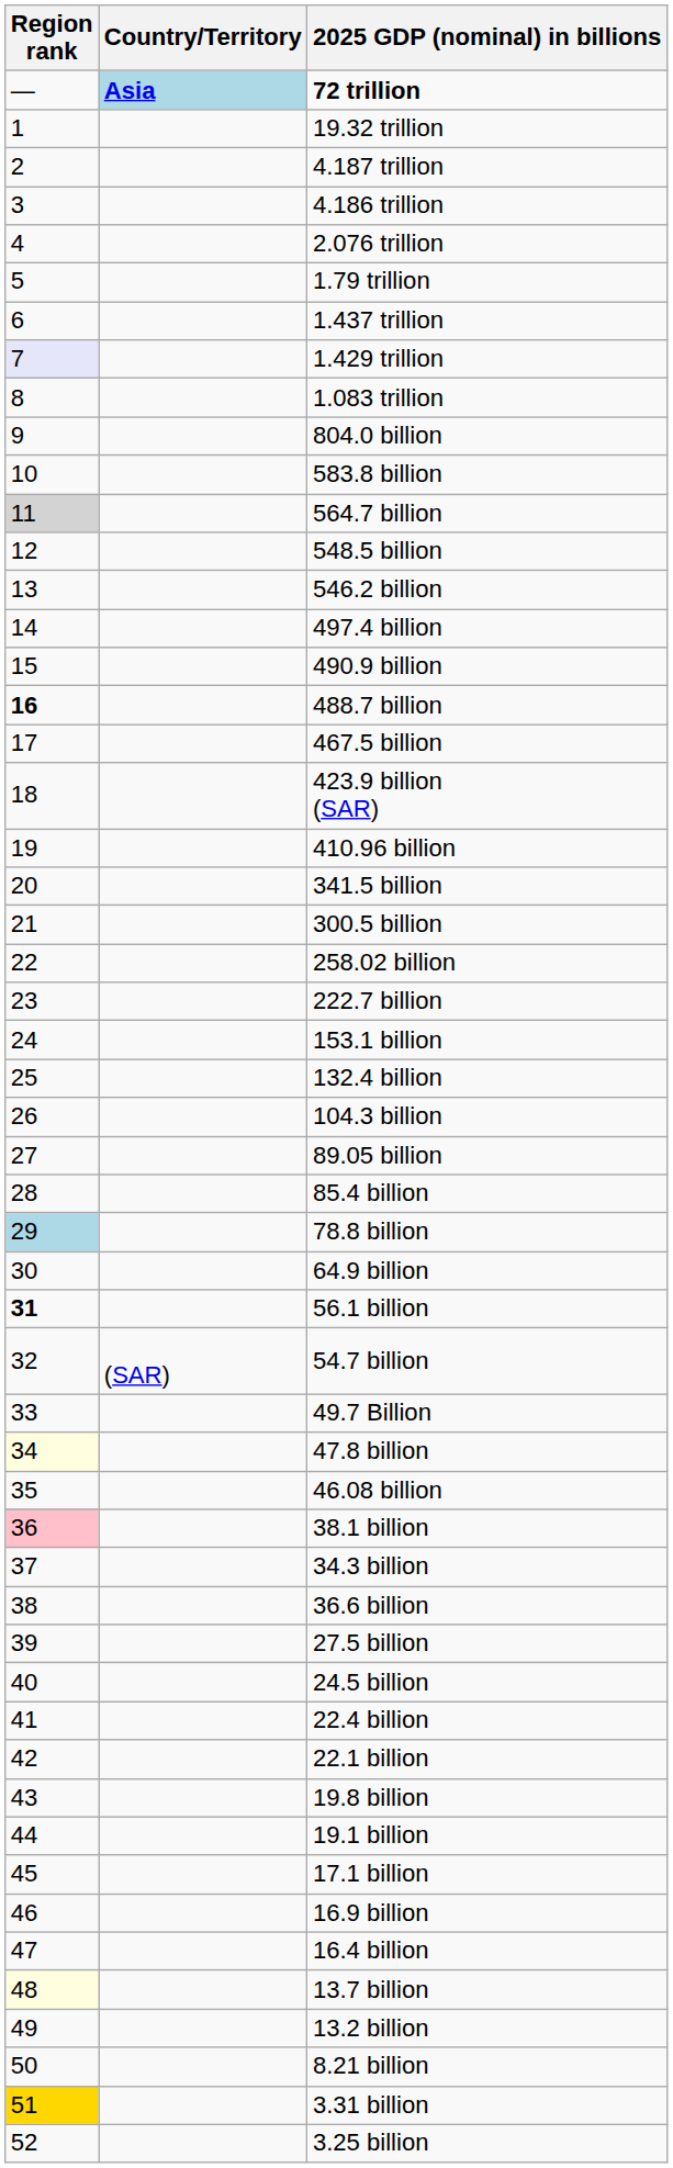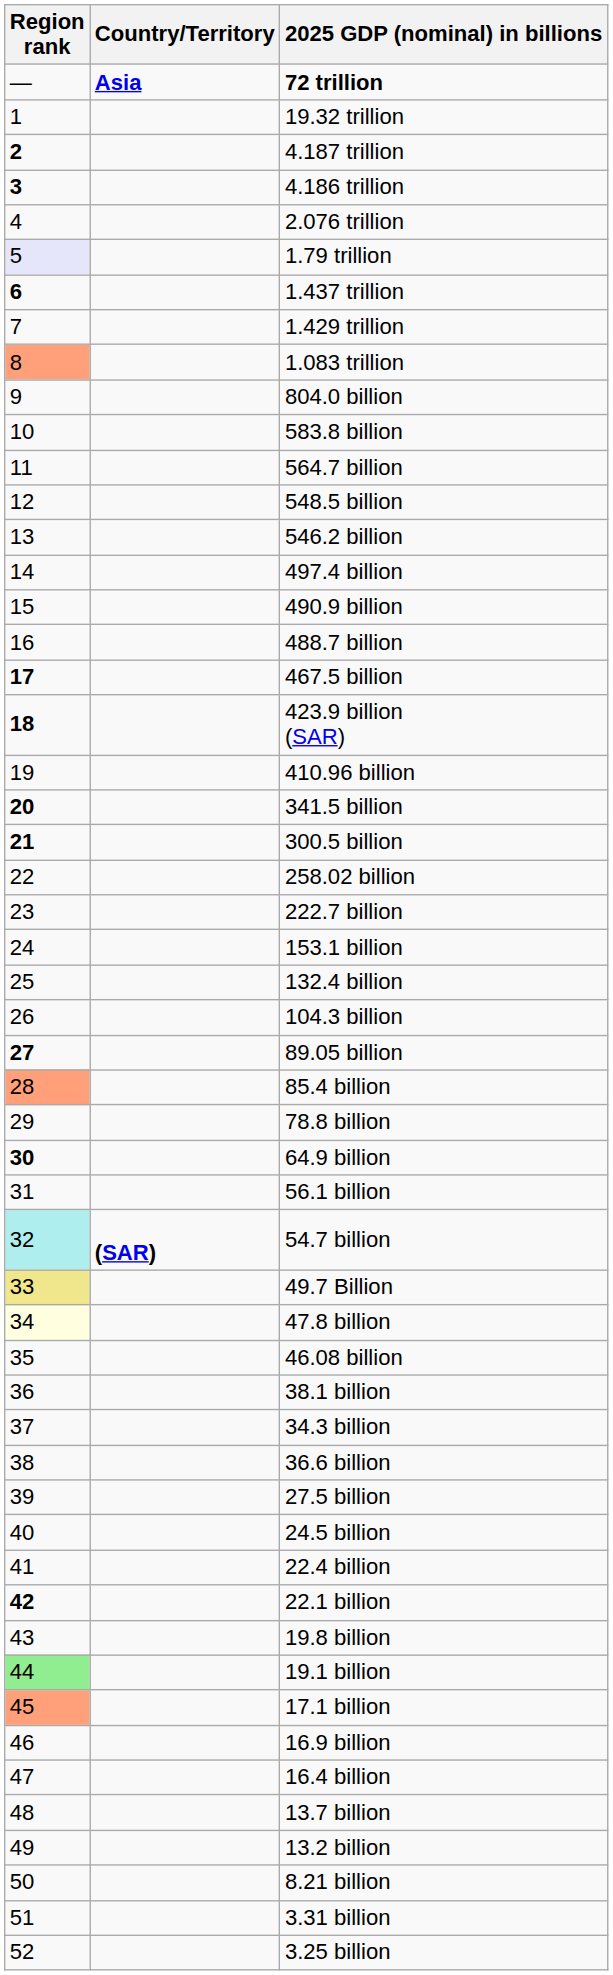 <table class="wikitable">
 <tr>
 <th>Region<br>rank</th>
 <th>Country/Territory</th>
 <th>2025 GDP (nominal) in billions</th>
 </tr>
 <tr>
 <td>—</td>
-<td style="background: lightblue;"><strong><a href='#'>Asia</a></strong></td>
+<td><strong><a href='#'>Asia</a></strong></td>
 <td><strong>72 trillion</strong></td>
 </tr>
 <tr>
 <td>1</td>
 <td></td>
 <td>19.32  trillion</td>
 </tr>
 <tr>
-<td>2</td>
+<td><strong>2</strong></td>
 <td></td>
 <td>4.187 trillion</td>
 </tr>
 <tr>
-<td>3</td>
+<td><strong>3</strong></td>
 <td></td>
 <td>4.186  trillion</td>
 </tr>
 <tr>
 <td>4</td>
 <td></td>
 <td>2.076 trillion</td>
 </tr>
 <tr>
-<td>5</td>
+<td style="background: lavender;">5</td>
 <td></td>
 <td>1.79 trillion</td>
 </tr>
 <tr>
-<td>6</td>
+<td><strong>6</strong></td>
 <td></td>
 <td>1.437  trillion</td>
 </tr>
 <tr>
-<td style="background: lavender;">7</td>
+<td>7</td>
 <td></td>
 <td>1.429 trillion</td>
 </tr>
 <tr>
-<td>8</td>
+<td style="background: lightsalmon;">8</td>
 <td></td>
 <td>1.083  trillion</td>
 </tr>
 <tr>
 <td>9</td>
 <td></td>
 <td>804.0 billion</td>
 </tr>
 <tr>
 <td>10</td>
 <td></td>
 <td>583.8 billion</td>
 </tr>
 <tr>
-<td style="background: lightgrey;">11</td>
+<td>11</td>
 <td></td>
 <td>564.7 billion</td>
 </tr>
 <tr>
 <td>12</td>
 <td></td>
 <td>548.5 billion</td>
 </tr>
 <tr>
 <td>13</td>
 <td></td>
 <td>546.2 billion</td>
 </tr>
 <tr>
 <td>14</td>
 <td></td>
 <td>497.4 billion</td>
 </tr>
 <tr>
 <td>15</td>
 <td></td>
 <td>490.9 billion</td>
 </tr>
 <tr>
-<td><strong>16</strong></td>
+<td>16</td>
 <td></td>
 <td>488.7 billion</td>
 </tr>
 <tr>
-<td>17</td>
+<td><strong>17</strong></td>
 <td></td>
 <td>467.5 billion</td>
 </tr>
 <tr>
-<td>18</td>
+<td><strong>18</strong></td>
 <td></td>
 <td>423.9 billion<br>(<a href='#'>SAR</a>)</td>
 </tr>
 <tr>
 <td>19</td>
 <td></td>
 <td>410.96 billion</td>
 </tr>
 <tr>
-<td>20</td>
+<td><strong>20</strong></td>
 <td></td>
 <td>341.5 billion</td>
 </tr>
 <tr>
-<td>21</td>
+<td><strong>21</strong></td>
 <td></td>
 <td>300.5 billion</td>
 </tr>
 <tr>
 <td>22</td>
 <td></td>
 <td>258.02 billion</td>
 </tr>
 <tr>
 <td>23</td>
 <td></td>
 <td>222.7 billion</td>
 </tr>
 <tr>
 <td>24</td>
 <td></td>
 <td>153.1 billion</td>
 </tr>
 <tr>
 <td>25</td>
 <td></td>
 <td>132.4 billion</td>
 </tr>
 <tr>
 <td>26</td>
 <td></td>
 <td>104.3 billion</td>
 </tr>
 <tr>
-<td>27</td>
+<td><strong>27</strong></td>
 <td></td>
 <td>89.05  billion</td>
 </tr>
 <tr>
-<td>28</td>
+<td style="background: lightsalmon;">28</td>
 <td></td>
 <td>85.4  billion</td>
 </tr>
 <tr>
-<td style="background: lightblue;">29</td>
+<td>29</td>
 <td></td>
 <td>78.8  billion</td>
 </tr>
 <tr>
-<td>30</td>
+<td><strong>30</strong></td>
 <td></td>
 <td>64.9 billion</td>
 </tr>
 <tr>
-<td><strong>31</strong></td>
+<td>31</td>
 <td></td>
 <td>56.1  billion</td>
 </tr>
 <tr>
-<td>32</td>
-<td><br>(<a href='#'>SAR</a>)</td>
+<td style="background: paleturquoise;">32</td>
+<td><strong><br>(<a href='#'>SAR</a>)</strong></td>
 <td>54.7  billion</td>
 </tr>
 <tr>
-<td>33</td>
+<td style="background: khaki;">33</td>
 <td></td>
 <td>49.7 Billion</td>
 </tr>
 <tr>
 <td style="background: lightyellow;">34</td>
 <td></td>
 <td>47.8  billion</td>
 </tr>
 <tr>
 <td>35</td>
 <td></td>
 <td>46.08  billion</td>
 </tr>
 <tr>
-<td style="background: pink;">36</td>
+<td>36</td>
 <td></td>
 <td>38.1  billion</td>
 </tr>
 <tr>
 <td>37</td>
 <td></td>
 <td>34.3  billion</td>
 </tr>
 <tr>
 <td>38</td>
 <td></td>
 <td>36.6  billion</td>
 </tr>
 <tr>
 <td>39</td>
 <td></td>
 <td>27.5  billion</td>
 </tr>
 <tr>
 <td>40</td>
 <td></td>
 <td>24.5  billion</td>
 </tr>
 <tr>
 <td>41</td>
 <td></td>
 <td>22.4  billion</td>
 </tr>
 <tr>
-<td>42</td>
+<td><strong>42</strong></td>
 <td></td>
 <td>22.1  billion</td>
 </tr>
 <tr>
 <td>43</td>
 <td></td>
 <td>19.8  billion</td>
 </tr>
 <tr>
-<td>44</td>
+<td style="background: lightgreen;">44</td>
 <td></td>
 <td>19.1  billion</td>
 </tr>
 <tr>
-<td>45</td>
+<td style="background: lightsalmon;">45</td>
 <td></td>
 <td>17.1 billion</td>
 </tr>
 <tr>
 <td>46</td>
 <td></td>
 <td>16.9 billion</td>
 </tr>
 <tr>
 <td>47</td>
 <td></td>
 <td>16.4  billion</td>
 </tr>
 <tr>
-<td style="background: lightyellow;">48</td>
+<td>48</td>
 <td></td>
 <td>13.7  billion</td>
 </tr>
 <tr>
 <td>49</td>
 <td></td>
 <td>13.2  billion</td>
 </tr>
 <tr>
 <td>50</td>
 <td></td>
 <td>8.21  billion</td>
 </tr>
 <tr>
-<td style="background: gold;">51</td>
+<td>51</td>
 <td></td>
 <td>3.31  billion</td>
 </tr>
 <tr>
 <td>52</td>
 <td></td>
 <td>3.25  billion</td>
 </tr>
 </table>
